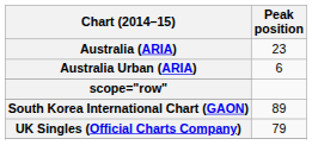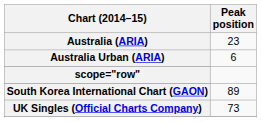 <table class="wikitable sortable plainrowheaders">
 <tr>
 <th>Chart (2014–15)</th>
 <th>Peak<br>position</th>
 </tr>
 <tr>
 <th scope="row">Australia (<a href='#'>ARIA</a>)</th>
 <td style="text-align:center;">23</td>
 </tr>
 <tr>
 <th scope="row">Australia Urban (<a href='#'>ARIA</a>)</th>
 <td style="text-align:center;">6</td>
 </tr>
 <tr>
 </tr>
 <tr>
 </tr>
 <tr>
 <th>scope="row"</th>
 </tr>
 <tr>
 </tr>
 <tr>
 <th scope="row">South Korea International Chart (<a href='#'>GAON</a>)</th>
 <td style="text-align:center;">89</td>
 </tr>
 <tr>
 <th scope="row">UK Singles (<a href='#'>Official Charts Company</a>)</th>
-<td style="text-align:center;">79</td>
+<td style="text-align:center;">73</td>
 </tr>
 <tr>
 </tr>
 <tr>
 </tr>
 <tr>
 </tr>
 </table>
